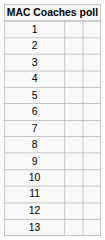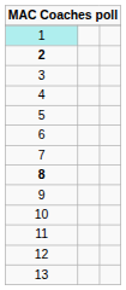 <table class="wikitable" style="display: inline-table;">
 <tr align="center">
 <td align="center" Colspan="3"><strong>MAC Coaches poll</strong></td>
 </tr>
 <tr align="center">
 </tr>
 <tr align="center">
-<td>1</td>
+<td style="background: paleturquoise;">1</td>
 <td></td>
 <td></td>
 </tr>
 <tr align="center">
-<td>2</td>
+<td><strong>2</strong></td>
 <td></td>
 <td></td>
 </tr>
 <tr align="center">
 <td>3</td>
 <td></td>
 <td></td>
 </tr>
 <tr align="center">
 <td>4</td>
 <td></td>
 <td></td>
 </tr>
 <tr align="center">
 <td>5</td>
 <td></td>
 <td></td>
 </tr>
 <tr align="center">
 <td>6</td>
 <td></td>
 <td></td>
 </tr>
 <tr align="center">
 <td>7</td>
 <td></td>
 <td></td>
 </tr>
 <tr align="center">
-<td>8</td>
+<td><strong>8</strong></td>
 <td></td>
 <td></td>
 </tr>
 <tr align="center">
 <td>9</td>
 <td></td>
 <td></td>
 </tr>
 <tr align="center">
 <td>10</td>
 <td></td>
 <td></td>
 </tr>
 <tr align="center">
 <td>11</td>
 <td></td>
 <td></td>
 </tr>
 <tr align="center">
 <td>12</td>
 <td></td>
 <td></td>
 </tr>
 <tr align="center">
 <td>13</td>
 <td></td>
 <td></td>
 </tr>
 </table>
